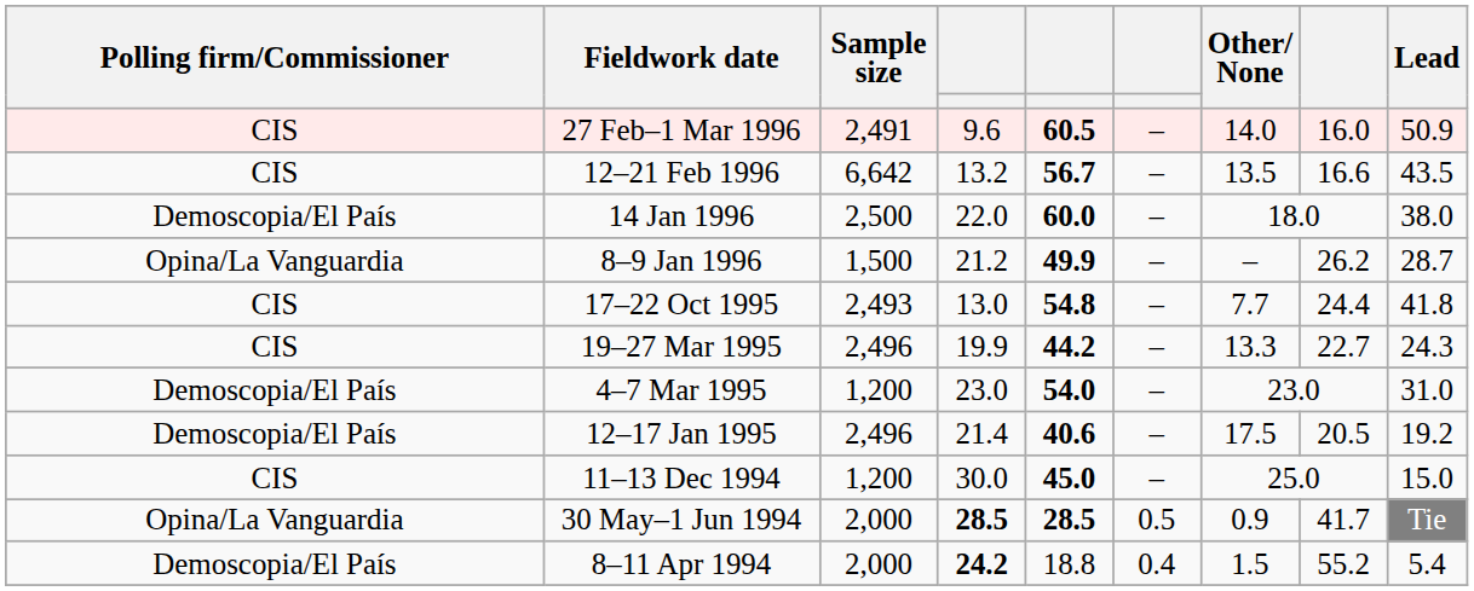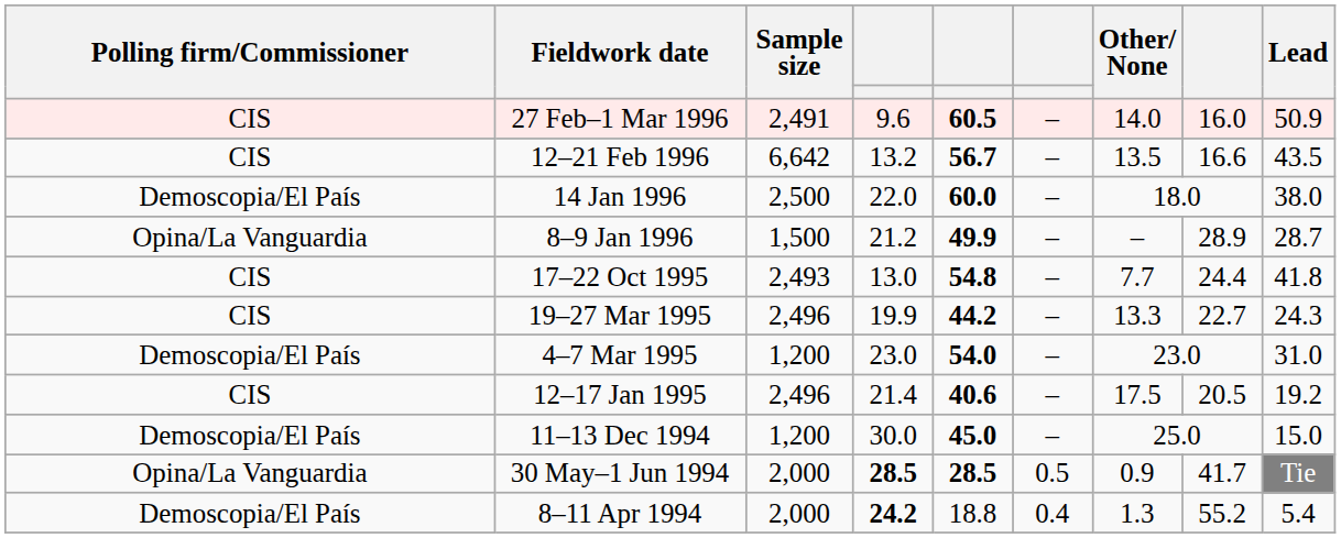 <table class="wikitable collapsible collapsed" style="text-align:center; font-size:90%; line-height:14px;">
 <tr style="height:42px;">
 <th style="width:250px;" rowspan="2">Polling firm/Commissioner</th>
 <th style="width:125px;" rowspan="2">Fieldwork date</th>
 <th style="width:50px;" rowspan="2">Sample size</th>
 <th style="width:35px;"></th>
 <th style="width:35px;"></th>
 <th style="width:35px;"></th>
 <th style="width:35px;" rowspan="2">Other/<br>None</th>
 <th style="width:35px;" rowspan="2"></th>
 <th style="width:30px;" rowspan="2">Lead</th>
 </tr>
 <tr>
 <th style="color:inherit;background:"></th>
 <th style="color:inherit;background:"></th>
 <th style="color:inherit;background:"></th>
 </tr>
 <tr style="background:#FFEAEA;">
 <td>CIS</td>
 <td>27 Feb–1 Mar 1996</td>
 <td>2,491</td>
 <td>9.6</td>
 <td><strong>60.5</strong></td>
 <td>–</td>
 <td>14.0</td>
 <td>16.0</td>
 <td style="background:">50.9</td>
 </tr>
 <tr>
 <td>CIS</td>
 <td>12–21 Feb 1996</td>
 <td>6,642</td>
 <td>13.2</td>
 <td><strong>56.7</strong></td>
 <td>–</td>
 <td>13.5</td>
 <td>16.6</td>
 <td style="background:">43.5</td>
 </tr>
 <tr>
 <td>Demoscopia/El País</td>
 <td>14 Jan 1996</td>
 <td>2,500</td>
 <td>22.0</td>
 <td><strong>60.0</strong></td>
 <td>–</td>
 <td colspan="2">18.0</td>
 <td style="background:">38.0</td>
 </tr>
 <tr>
 <td>Opina/La Vanguardia</td>
 <td>8–9 Jan 1996</td>
 <td>1,500</td>
 <td>21.2</td>
 <td><strong>49.9</strong></td>
 <td>–</td>
 <td>–</td>
-<td>26.2</td>
+<td>28.9</td>
 <td style="background:">28.7</td>
 </tr>
 <tr>
 <td>CIS</td>
 <td>17–22 Oct 1995</td>
 <td>2,493</td>
 <td>13.0</td>
 <td><strong>54.8</strong></td>
 <td>–</td>
 <td>7.7</td>
 <td>24.4</td>
 <td style="background:">41.8</td>
 </tr>
 <tr>
 <td>CIS</td>
 <td>19–27 Mar 1995</td>
 <td>2,496</td>
 <td>19.9</td>
 <td><strong>44.2</strong></td>
 <td>–</td>
 <td>13.3</td>
 <td>22.7</td>
 <td style="background:">24.3</td>
 </tr>
 <tr>
 <td>Demoscopia/El País</td>
 <td>4–7 Mar 1995</td>
 <td>1,200</td>
 <td>23.0</td>
 <td><strong>54.0</strong></td>
 <td>–</td>
 <td colspan="2">23.0</td>
 <td style="background:">31.0</td>
 </tr>
 <tr>
-<td>Demoscopia/El País</td>
+<td>CIS</td>
 <td>12–17 Jan 1995</td>
 <td>2,496</td>
 <td>21.4</td>
 <td><strong>40.6</strong></td>
 <td>–</td>
 <td>17.5</td>
 <td>20.5</td>
 <td style="background:">19.2</td>
 </tr>
 <tr>
-<td>CIS</td>
+<td>Demoscopia/El País</td>
 <td>11–13 Dec 1994</td>
 <td>1,200</td>
 <td>30.0</td>
 <td><strong>45.0</strong></td>
 <td>–</td>
 <td colspan="2">25.0</td>
 <td style="background:">15.0</td>
 </tr>
 <tr>
 <td>Opina/La Vanguardia</td>
 <td>30 May–1 Jun 1994</td>
 <td>2,000</td>
 <td><strong>28.5</strong></td>
 <td><strong>28.5</strong></td>
 <td>0.5</td>
 <td>0.9</td>
 <td>41.7</td>
 <td style="background:gray;color:white;">Tie</td>
 </tr>
 <tr>
 <td>Demoscopia/El País</td>
 <td>8–11 Apr 1994</td>
 <td>2,000</td>
 <td><strong>24.2</strong></td>
 <td>18.8</td>
 <td>0.4</td>
-<td>1.5</td>
+<td>1.3</td>
 <td>55.2</td>
 <td style="background:">5.4</td>
 </tr>
 </table>
